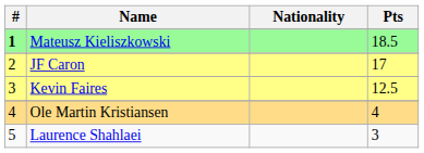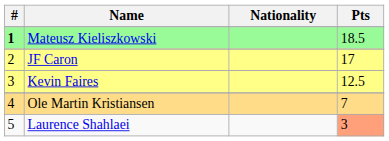 <table class="wikitable" style="display: inline-table; width: 50%;">
 <tr>
 <th>#</th>
 <th>Name</th>
 <th>Nationality</th>
 <th>Pts</th>
 </tr>
 <tr>
 </tr>
 <tr style="background:palegreen">
 <td><strong>1</strong></td>
 <td><a href='#'>Mateusz Kieliszkowski</a></td>
 <td></td>
 <td>18.5</td>
 </tr>
 <tr>
 </tr>
 <tr style="background:#ff8">
 <td>2</td>
 <td><a href='#'>JF Caron</a></td>
 <td></td>
 <td>17</td>
 </tr>
 <tr>
 </tr>
 <tr style="background:#ff8">
 <td>3</td>
 <td><a href='#'>Kevin Faires</a></td>
 <td></td>
 <td>12.5</td>
 </tr>
 <tr>
 </tr>
 <tr style="background:#fd8">
 <td>4</td>
 <td>Ole Martin Kristiansen</td>
 <td></td>
-<td>4</td>
+<td>7</td>
 </tr>
 <tr>
 <td>5</td>
 <td><a href='#'>Laurence Shahlaei</a></td>
 <td></td>
-<td>3</td>
+<td style="background: lightsalmon;">3</td>
 </tr>
 </table>
